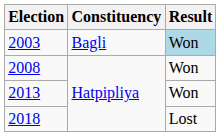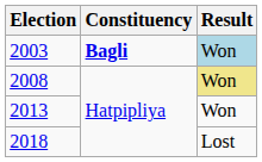 <table class="wikitable sortable">
 <tr>
 <th>Election</th>
 <th>Constituency</th>
 <th>Result</th>
 </tr>
 <tr>
 <td><a href='#'>2003</a></td>
-<td><a href='#'>Bagli</a></td>
+<td><strong><a href='#'>Bagli</a></strong></td>
 <td style="background: lightblue;">Won</td>
 </tr>
 <tr>
 <td><a href='#'>2008</a></td>
 <td rowspan=3><a href='#'>Hatpipliya</a></td>
-<td>Won</td>
+<td style="background: khaki;">Won</td>
 </tr>
 <tr>
 <td><a href='#'>2013</a></td>
 <td>Won</td>
 </tr>
 <tr>
 <td><a href='#'>2018</a></td>
 <td>Lost</td>
 </tr>
 <tr>
 </tr>
 </table>
